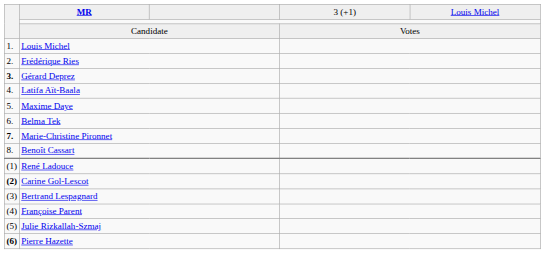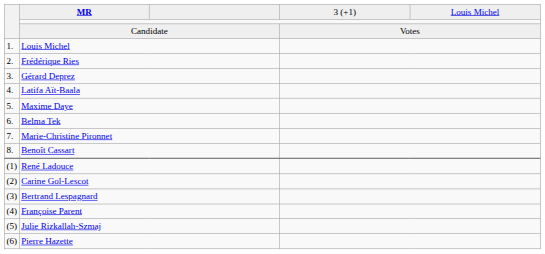 <table class="wikitable collapsible collapsed" style=text-align:left;font-size:90%>
 <tr>
 <th rowspan=3></th>
 <td bgcolor=efefef width=200 align=center><strong> <a href='#'>MR</a></strong></td>
 <td bgcolor=efefef width=200 align=center></td>
 <td bgcolor=efefef width=200 align=center>3 (+1)</td>
 <td bgcolor=efefef width=200 align=center><a href='#'>Louis Michel</a></td>
 </tr>
 <tr>
 <td colspan=4 bgcolor=></td>
 </tr>
 <tr>
 <td bgcolor=efefef align=center colspan=2>Candidate</td>
 <td bgcolor=efefef align=center colspan=2>Votes</td>
 </tr>
 <tr>
 <td>1.</td>
 <td colspan=2><a href='#'>Louis Michel</a></td>
 <td colspan=2></td>
 </tr>
 <tr>
 <td>2.</td>
 <td colspan=2><a href='#'>Frédérique Ries</a></td>
 <td colspan=2></td>
 </tr>
 <tr>
-<td><strong>3.</strong></td>
+<td>3.</td>
 <td colspan=2><a href='#'>Gérard Deprez</a></td>
 <td colspan=2></td>
 </tr>
 <tr>
 <td>4.</td>
 <td colspan=2><a href='#'>Latifa Aït-Baala</a></td>
 <td colspan=2></td>
 </tr>
 <tr>
 <td>5.</td>
 <td colspan=2><a href='#'>Maxime Daye</a></td>
 <td colspan=2></td>
 </tr>
 <tr>
 <td>6.</td>
 <td colspan=2><a href='#'>Belma Tek</a></td>
 <td colspan=2></td>
 </tr>
 <tr>
-<td><strong>7.</strong></td>
+<td>7.</td>
 <td colspan=2><a href='#'>Marie‐Christine Pironnet</a></td>
 <td colspan=2></td>
 </tr>
 <tr>
 <td>8.</td>
 <td colspan=2><a href='#'>Benoît Cassart</a></td>
 <td colspan=2></td>
 </tr>
 <tr style="border-top:2px solid gray;">
 <td>(1)</td>
 <td colspan=2><a href='#'>René Ladouce</a></td>
 <td colspan=2></td>
 </tr>
 <tr>
-<td><strong>(2)</strong></td>
+<td>(2)</td>
 <td colspan=2><a href='#'>Carine Gol-Lescot</a></td>
 <td colspan=2></td>
 </tr>
 <tr>
 <td>(3)</td>
 <td colspan=2><a href='#'>Bertrand Lespagnard</a></td>
 <td colspan=2></td>
 </tr>
 <tr>
 <td>(4)</td>
 <td colspan=2><a href='#'>Françoise Parent</a></td>
 <td colspan=2></td>
 </tr>
 <tr>
 <td>(5)</td>
 <td colspan=2><a href='#'>Julie Rizkallah-Szmaj</a></td>
 <td colspan=2></td>
 </tr>
 <tr>
-<td><strong>(6)</strong></td>
+<td>(6)</td>
 <td colspan=2><a href='#'>Pierre Hazette</a></td>
 <td colspan=2></td>
 </tr>
 </table>
